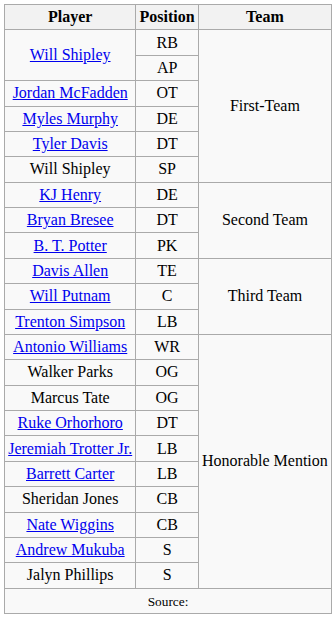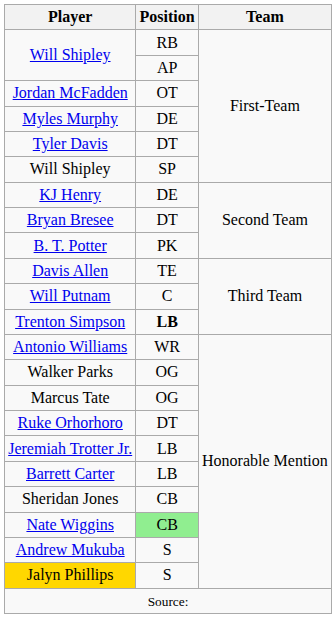 <table class="wikitable" style="text-align: center">
 <tr align=center>
 <th>Player</th>
 <th>Position</th>
 <th>Team</th>
 </tr>
 <tr>
 <td rowspan=2><a href='#'>Will Shipley</a></td>
 <td>RB</td>
 <td rowspan=6>First-Team</td>
 </tr>
 <tr>
 <td>AP</td>
 </tr>
 <tr>
 <td><a href='#'>Jordan McFadden</a></td>
 <td>OT</td>
 </tr>
 <tr>
 <td><a href='#'>Myles Murphy</a></td>
 <td>DE</td>
 </tr>
 <tr>
 <td><a href='#'>Tyler Davis</a></td>
 <td>DT</td>
 </tr>
 <tr>
 <td>Will Shipley</td>
 <td>SP</td>
 </tr>
 <tr>
 <td><a href='#'>KJ Henry</a></td>
 <td>DE</td>
 <td rowspan=3>Second Team</td>
 </tr>
 <tr>
 <td><a href='#'>Bryan Bresee</a></td>
 <td>DT</td>
 </tr>
 <tr>
 <td><a href='#'>B. T. Potter</a></td>
 <td>PK</td>
 </tr>
 <tr>
 <td><a href='#'>Davis Allen</a></td>
 <td>TE</td>
 <td rowspan=3>Third Team</td>
 </tr>
 <tr>
 <td><a href='#'>Will Putnam</a></td>
 <td>C</td>
 </tr>
 <tr>
 <td><a href='#'>Trenton Simpson</a></td>
-<td>LB</td>
+<td><strong>LB</strong></td>
 </tr>
 <tr>
 <td><a href='#'>Antonio Williams</a></td>
 <td>WR</td>
 <td rowspan=10>Honorable Mention</td>
 </tr>
 <tr>
 <td>Walker Parks</td>
 <td>OG</td>
 </tr>
 <tr>
 <td>Marcus Tate</td>
 <td>OG</td>
 </tr>
 <tr>
 <td><a href='#'>Ruke Orhorhoro</a></td>
 <td>DT</td>
 </tr>
 <tr>
 <td><a href='#'>Jeremiah Trotter Jr.</a></td>
 <td>LB</td>
 </tr>
 <tr>
 <td><a href='#'>Barrett Carter</a></td>
 <td>LB</td>
 </tr>
 <tr>
 <td>Sheridan Jones</td>
 <td>CB</td>
 </tr>
 <tr>
 <td><a href='#'>Nate Wiggins</a></td>
-<td>CB</td>
+<td style="background: lightgreen;">CB</td>
 </tr>
 <tr>
 <td><a href='#'>Andrew Mukuba</a></td>
 <td>S</td>
 </tr>
 <tr>
-<td>Jalyn Phillips</td>
+<td style="background: gold;">Jalyn Phillips</td>
 <td>S</td>
 </tr>
 <tr>
 <td colspan="3"><small>Source:</small></td>
 </tr>
 </table>
